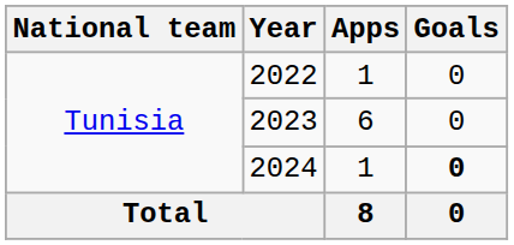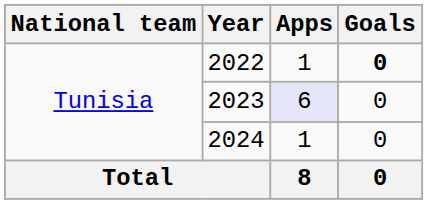 <table class="wikitable" style="text-align: center;">
 <tr>
 <th>National team</th>
 <th>Year</th>
 <th>Apps</th>
 <th>Goals</th>
 </tr>
 <tr>
 <td rowspan="3"><a href='#'>Tunisia</a></td>
 <td>2022</td>
 <td>1</td>
-<td>0</td>
+<td><strong>0</strong></td>
 </tr>
 <tr>
 <td>2023</td>
-<td>6</td>
+<td style="background: lavender;">6</td>
 <td>0</td>
 </tr>
 <tr>
 <td>2024</td>
 <td>1</td>
-<td><strong>0</strong></td>
+<td>0</td>
 </tr>
 <tr>
 <th colspan="2">Total</th>
 <th>8</th>
 <th>0</th>
 </tr>
 </table>
